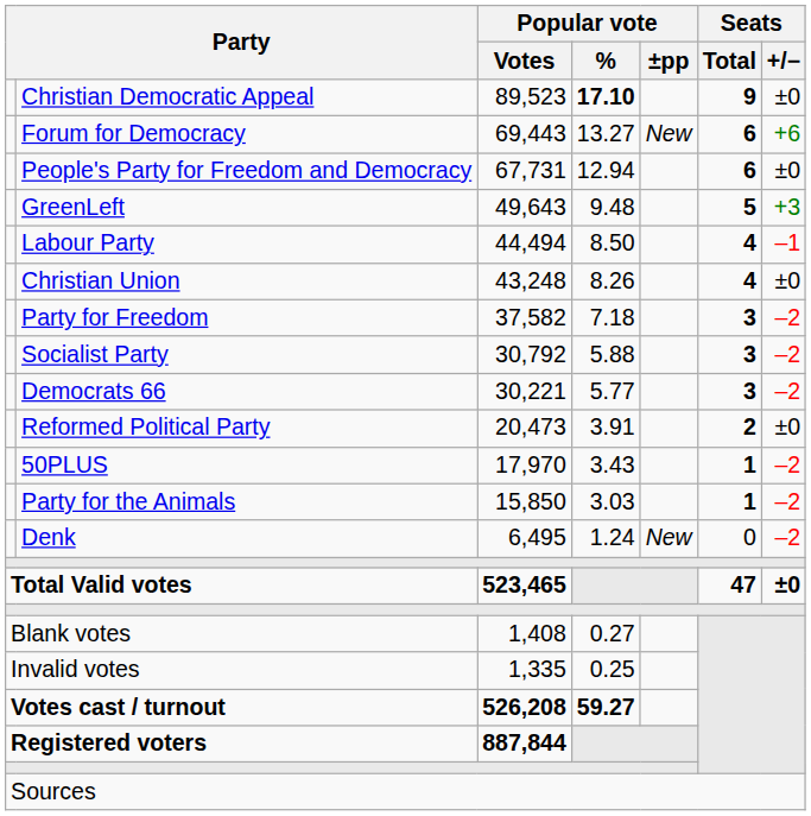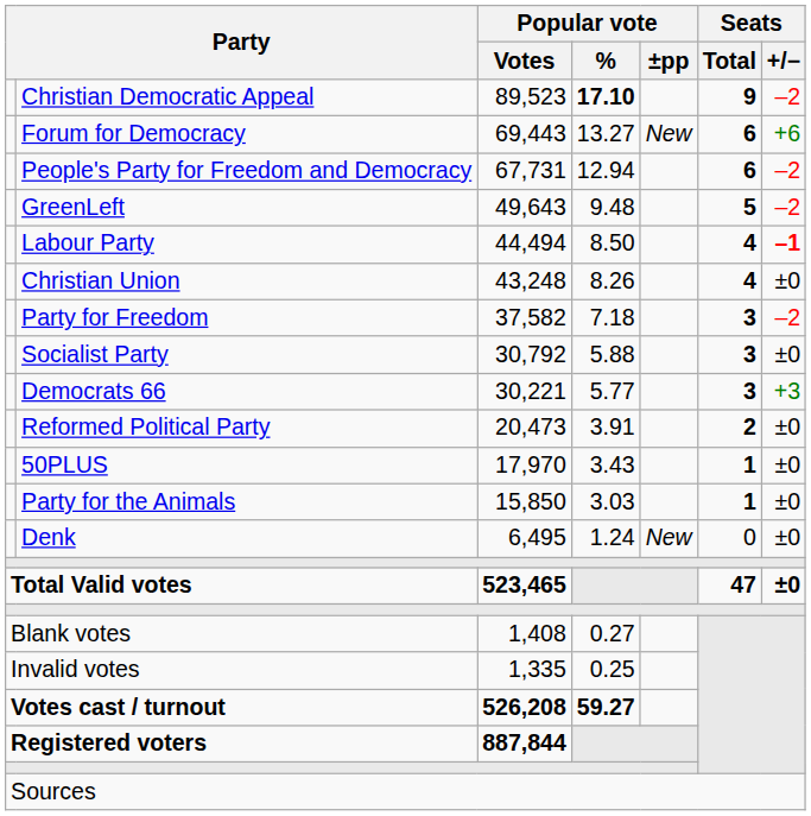 <table class="wikitable" style="text-align:right;">
 <tr>
 <th colspan=2 rowspan=2>Party</th>
 <th colspan=3>Popular vote</th>
 <th colspan=2>Seats</th>
 </tr>
 <tr>
 <th>Votes</th>
 <th>%</th>
 <th>±pp</th>
 <th>Total</th>
 <th>+/−</th>
 </tr>
 <tr>
 <td style="color:inherit;background:"></td>
 <td align="left"><a href='#'>Christian Democratic Appeal</a></td>
 <td>89,523</td>
 <td><strong>17.10</strong></td>
 <td></td>
 <td><strong>9</strong></td>
-<td>±0</td>
+<td style="color:red;">–2</td>
 </tr>
 <tr>
 <td style="color:inherit;background:"></td>
 <td align="left"><a href='#'>Forum for Democracy</a></td>
 <td>69,443</td>
 <td>13.27</td>
 <td><em>New</em></td>
 <td><strong>6</strong></td>
 <td style="color:green;">+6</td>
 </tr>
 <tr>
 <td style="color:inherit;background:"></td>
 <td align="left"><a href='#'>People's Party for Freedom and Democracy</a></td>
 <td>67,731</td>
 <td>12.94</td>
 <td></td>
 <td><strong>6</strong></td>
-<td>±0</td>
+<td style="color:red;">–2</td>
 </tr>
 <tr>
 <td style="color:inherit;background:"></td>
 <td align="left"><a href='#'>GreenLeft</a></td>
 <td>49,643</td>
 <td>9.48</td>
 <td></td>
 <td><strong>5</strong></td>
-<td style="color:green;">+3</td>
+<td style="color:red;">–2</td>
 </tr>
 <tr>
 <td style="color:inherit;background:"></td>
 <td align="left"><a href='#'>Labour Party</a></td>
 <td>44,494</td>
 <td>8.50</td>
 <td></td>
 <td><strong>4</strong></td>
-<td style="color:red;">–1</td>
+<td style="color:red;"><strong>–1</strong></td>
 </tr>
 <tr>
 <td style="color:inherit;background:"></td>
 <td align="left"><a href='#'>Christian Union</a></td>
 <td>43,248</td>
 <td>8.26</td>
 <td></td>
 <td><strong>4</strong></td>
 <td>±0</td>
 </tr>
 <tr>
 <td style="color:inherit;background:"></td>
 <td align="left"><a href='#'>Party for Freedom</a></td>
 <td>37,582</td>
 <td>7.18</td>
 <td></td>
 <td><strong>3</strong></td>
 <td style="color:red;">–2</td>
 </tr>
 <tr>
 <td style="color:inherit;background:"></td>
 <td align="left"><a href='#'>Socialist Party</a></td>
 <td>30,792</td>
 <td>5.88</td>
 <td></td>
 <td><strong>3</strong></td>
-<td style="color:red;">–2</td>
+<td>±0</td>
 </tr>
 <tr>
 <td style="color:inherit;background:"></td>
 <td align="left"><a href='#'>Democrats 66</a></td>
 <td>30,221</td>
 <td>5.77</td>
 <td></td>
 <td><strong>3</strong></td>
-<td style="color:red;">–2</td>
+<td style="color:green;">+3</td>
 </tr>
 <tr>
 <td style="color:inherit;background:"></td>
 <td align="left"><a href='#'>Reformed Political Party</a></td>
 <td>20,473</td>
 <td>3.91</td>
 <td></td>
 <td><strong>2</strong></td>
 <td>±0</td>
 </tr>
 <tr>
 <td style="color:inherit;background:"></td>
 <td align="left"><a href='#'>50PLUS</a></td>
 <td>17,970</td>
 <td>3.43</td>
 <td></td>
 <td><strong>1</strong></td>
-<td style="color:red;">–2</td>
+<td>±0</td>
 </tr>
 <tr>
 <td style="color:inherit;background:"></td>
 <td align="left"><a href='#'>Party for the Animals</a></td>
 <td>15,850</td>
 <td>3.03</td>
 <td></td>
 <td><strong>1</strong></td>
-<td style="color:red;">–2</td>
+<td>±0</td>
 </tr>
 <tr>
 <td style="color:inherit;background:"></td>
 <td align="left"><a href='#'>Denk</a></td>
 <td>6,495</td>
 <td>1.24</td>
 <td><em>New</em></td>
 <td>0</td>
-<td style="color:red;">–2</td>
+<td>±0</td>
 </tr>
 <tr>
 <td colspan="7" style="color:inherit;background:#E9E9E9"></td>
 </tr>
 <tr style="font-weight:bold;">
 <td align="left" colspan="2">Total Valid votes</td>
 <td>523,465</td>
 <td bgcolor="#E9E9E9" colspan="2"></td>
 <td>47</td>
 <td>±0</td>
 </tr>
 <tr>
 <td colspan="7" style="color:inherit;background:#E9E9E9"></td>
 </tr>
 <tr>
 <td align="left" colspan="2">Blank votes</td>
 <td>1,408</td>
 <td>0.27</td>
 <td></td>
 <td bgcolor="#E9E9E9" colspan="2" rowspan="5"></td>
 </tr>
 <tr>
 <td align="left" colspan="2">Invalid votes</td>
 <td>1,335</td>
 <td>0.25</td>
 <td></td>
 </tr>
 <tr style="font-weight:bold;">
 <td align="left" colspan="2">Votes cast / turnout</td>
 <td>526,208</td>
 <td>59.27</td>
 <td></td>
 </tr>
 <tr style="font-weight:bold;">
 <td align="left" colspan="2">Registered voters</td>
 <td>887,844</td>
 <td bgcolor="#E9E9E9" colspan="2"></td>
 </tr>
 <tr>
 <td colspan="7" style="color:inherit;background:#E9E9E9"></td>
 </tr>
 <tr>
 <td align="left" colspan="7">Sources </td>
 </tr>
 </table>
